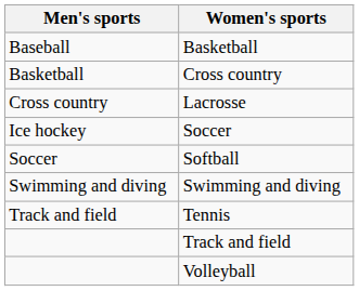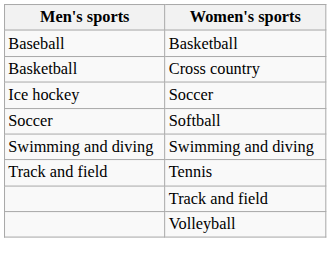 <table class="wikitable"; style= "text-align: ">
 <tr>
 <th width=150px>Men's sports</th>
 <th width=150px>Women's sports</th>
 </tr>
 <tr>
 <td>Baseball</td>
 <td>Basketball</td>
 </tr>
 <tr>
 <td>Basketball</td>
 <td>Cross country</td>
-</tr>
-<tr>
-<td>Cross country</td>
-<td>Lacrosse</td>
 </tr>
 <tr>
 <td>Ice hockey</td>
 <td>Soccer</td>
 </tr>
 <tr>
 <td>Soccer</td>
 <td>Softball</td>
 </tr>
 <tr>
 <td>Swimming and diving</td>
 <td>Swimming and diving</td>
 </tr>
 <tr>
 <td>Track and field</td>
 <td>Tennis</td>
 </tr>
 <tr>
 <td></td>
 <td>Track and field</td>
 </tr>
 <tr>
 <td></td>
 <td>Volleyball</td>
 </tr>
 </table>
